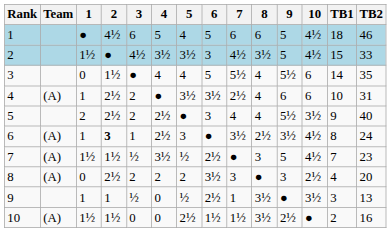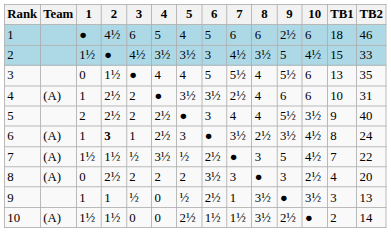 <table class="wikitable">
 <tr>
 <th>Rank</th>
 <th>Team</th>
 <th style="width:1.5em;">1</th>
 <th style="width:1.5em;">2</th>
 <th style="width:1.5em;">3</th>
 <th style="width:1.5em;">4</th>
 <th style="width:1.5em;">5</th>
 <th style="width:1.5em;">6</th>
 <th style="width:1.5em;">7</th>
 <th style="width:1.5em;">8</th>
 <th style="width:1.5em;">9</th>
 <th style="width:1.5em;">10</th>
 <th>TB1</th>
 <th>TB2</th>
 </tr>
 <tr style="background:lightblue">
 <td>1</td>
 <td></td>
 <td>●</td>
 <td>4½</td>
 <td>6</td>
 <td>5</td>
 <td>4</td>
 <td>5</td>
 <td>6</td>
 <td>6</td>
-<td>5</td>
-<td>4½</td>
+<td>2½</td>
+<td>6</td>
 <td>18</td>
 <td>46</td>
 </tr>
 <tr style="background:lightblue">
 <td>2</td>
 <td></td>
 <td>1½</td>
 <td>●</td>
 <td>4½</td>
 <td>3½</td>
 <td>3½</td>
 <td>3</td>
 <td>4½</td>
 <td>3½</td>
 <td>5</td>
 <td>4½</td>
 <td>15</td>
 <td>33</td>
 </tr>
 <tr>
 <td>3</td>
 <td></td>
 <td>0</td>
 <td>1½</td>
 <td>●</td>
 <td>4</td>
 <td>4</td>
 <td>5</td>
 <td>5½</td>
 <td>4</td>
 <td>5½</td>
 <td>6</td>
-<td>14</td>
+<td>13</td>
 <td>35</td>
 </tr>
 <tr>
 <td>4</td>
 <td> (A)</td>
 <td>1</td>
 <td>2½</td>
 <td>2</td>
 <td>●</td>
 <td>3½</td>
 <td>3½</td>
 <td>2½</td>
 <td>4</td>
 <td>6</td>
 <td>6</td>
 <td>10</td>
 <td>31</td>
 </tr>
 <tr>
 <td>5</td>
 <td></td>
 <td>2</td>
 <td>2½</td>
 <td>2</td>
 <td>2½</td>
 <td>●</td>
 <td>3</td>
 <td>4</td>
 <td>4</td>
 <td>5½</td>
 <td>3½</td>
 <td>9</td>
 <td>40</td>
 </tr>
 <tr>
 <td>6</td>
 <td> (A)</td>
 <td>1</td>
 <td><strong>3</strong></td>
 <td>1</td>
 <td>2½</td>
 <td>3</td>
 <td>●</td>
 <td>3½</td>
 <td>2½</td>
 <td>3½</td>
 <td>4½</td>
 <td>8</td>
 <td>24</td>
 </tr>
 <tr>
 <td>7</td>
 <td> (A)</td>
 <td>1½</td>
 <td>1½</td>
 <td>½</td>
 <td>3½</td>
 <td>½</td>
 <td>2½</td>
 <td>●</td>
 <td>3</td>
 <td>5</td>
 <td>4½</td>
 <td>7</td>
-<td>23</td>
+<td>22</td>
 </tr>
 <tr>
 <td>8</td>
 <td> (A)</td>
 <td>0</td>
 <td>2½</td>
 <td>2</td>
 <td>2</td>
 <td>2</td>
 <td>3½</td>
 <td>3</td>
 <td>●</td>
 <td>3</td>
 <td>2½</td>
 <td>4</td>
 <td>20</td>
 </tr>
 <tr>
 <td>9</td>
 <td></td>
 <td>1</td>
 <td>1</td>
 <td>½</td>
 <td>0</td>
 <td>½</td>
 <td>2½</td>
 <td>1</td>
 <td>3½</td>
 <td>●</td>
 <td>3½</td>
 <td>3</td>
 <td>13</td>
 </tr>
 <tr>
 <td>10</td>
 <td> (A)</td>
 <td>1½</td>
 <td>1½</td>
 <td>0</td>
 <td>0</td>
 <td>2½</td>
 <td>1½</td>
 <td>1½</td>
 <td>3½</td>
 <td>2½</td>
 <td>●</td>
 <td>2</td>
-<td>16</td>
+<td>14</td>
 </tr>
 </table>
